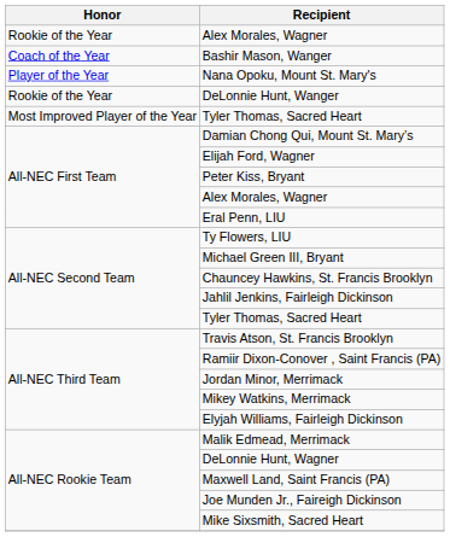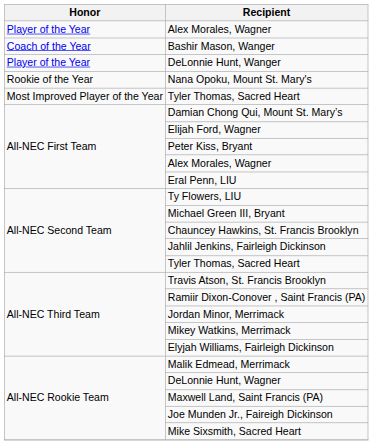 <table class="wikitable" border="1">
 <tr>
 <th>Honor</th>
 <th>Recipient</th>
 </tr>
 <tr>
-<td>Rookie of the Year</td>
+<td><a href='#'>Player of the Year</a></td>
 <td>Alex Morales, Wagner</td>
 </tr>
 <tr>
 <td><a href='#'>Coach of the Year</a></td>
 <td>Bashir Mason, Wanger</td>
 </tr>
 <tr>
 <td><a href='#'>Player of the Year</a></td>
-<td>Nana Opoku, Mount St. Mary's</td>
+<td>DeLonnie Hunt, Wanger</td>
 </tr>
 <tr>
 <td>Rookie of the Year</td>
-<td>DeLonnie Hunt, Wanger</td>
+<td>Nana Opoku, Mount St. Mary's</td>
 </tr>
 <tr>
 <td>Most Improved Player of the Year</td>
 <td>Tyler Thomas, Sacred Heart</td>
 </tr>
 <tr>
 <td rowspan="5" valign="middle">All-NEC First Team</td>
 <td>Damian Chong Qui, Mount St. Mary’s  </td>
 </tr>
 <tr>
 <td>Elijah Ford, Wagner</td>
 </tr>
 <tr>
 <td>Peter Kiss, Bryant  </td>
 </tr>
 <tr>
 <td>Alex Morales, Wagner</td>
 </tr>
 <tr>
 <td>Eral Penn, LIU     </td>
 </tr>
 <tr>
 <td rowspan="5" valign="middle">All-NEC Second Team</td>
 <td>Ty Flowers, LIU  </td>
 </tr>
 <tr>
 <td>Michael Green III, Bryant   </td>
 </tr>
 <tr>
 <td>Chauncey Hawkins, St. Francis Brooklyn </td>
 </tr>
 <tr>
 <td>Jahlil Jenkins, Fairleigh Dickinson   </td>
 </tr>
 <tr>
 <td>Tyler Thomas, Sacred Heart   </td>
 </tr>
 <tr>
 <td rowspan="5" valign="middle">All-NEC Third Team</td>
 <td>Travis Atson, St. Francis Brooklyn </td>
 </tr>
 <tr>
 <td>Ramiir Dixon-Conover , Saint Francis (PA)</td>
 </tr>
 <tr>
 <td>Jordan Minor, Merrimack </td>
 </tr>
 <tr>
 <td>Mikey Watkins, Merrimack</td>
 </tr>
 <tr>
 <td>Elyjah Williams, Fairleigh Dickinson </td>
 </tr>
 <tr>
 <td rowspan="5" valign="middle">All-NEC Rookie Team</td>
 <td>Malik Edmead, Merrimack   </td>
 </tr>
 <tr>
 <td>DeLonnie Hunt, Wagner  </td>
 </tr>
 <tr>
 <td>Maxwell Land, Saint Francis (PA)</td>
 </tr>
 <tr>
 <td>Joe Munden Jr., Faireigh Dickinson   </td>
 </tr>
 <tr>
 <td>Mike Sixsmith, Sacred Heart          </td>
 </tr>
 <tr>
 </tr>
 </table>
